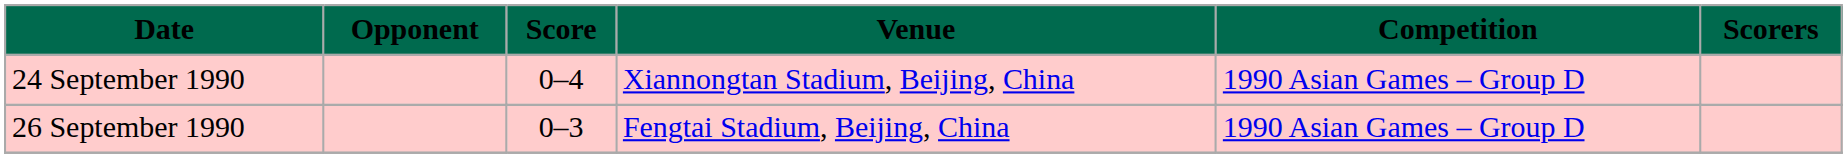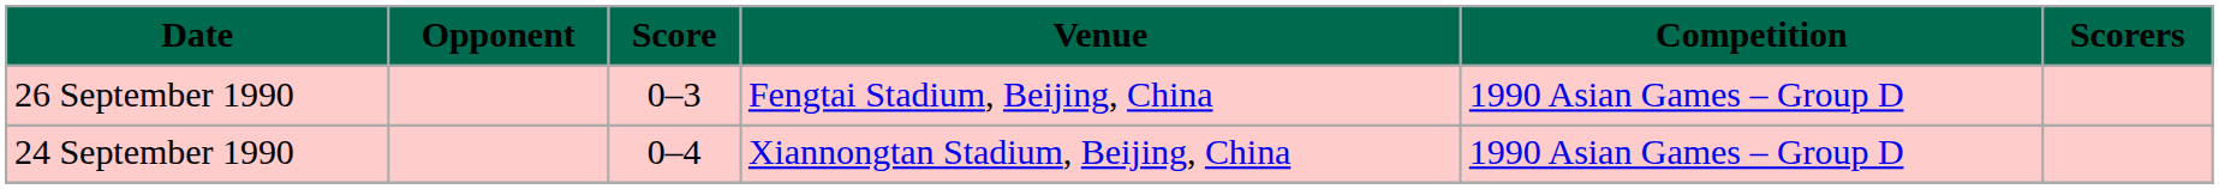 <table class="wikitable" width=100% style="text-align:left;font-size:90%;">
 <tr>
 <th style="background:#006a4e;"><span>Date</span></th>
 <th style="background:#006a4e;"><span>Opponent</span></th>
 <th style="background:#006a4e;"><span>Score</span></th>
 <th style="background:#006a4e;"><span>Venue</span></th>
 <th style="background:#006a4e;"><span>Competition</span></th>
 <th style="background:#006a4e;"><span>Scorers</span></th>
+</tr>
+<tr>
+</tr>
+<tr style="background:#fcc;">
+<td>26 September 1990</td>
+<td></td>
+<td style="text-align: center">0–3</td>
+<td> <a href='#'>Fengtai Stadium</a>, <a href='#'>Beijing</a>, <a href='#'>China</a></td>
+<td><a href='#'>1990 Asian Games – Group D</a></td>
+<td></td>
 </tr>
 <tr>
 </tr>
 <tr style="background:#fcc;">
 <td>24 September 1990</td>
 <td></td>
 <td style="text-align: center">0–4</td>
 <td> <a href='#'>Xiannongtan Stadium</a>, <a href='#'>Beijing</a>, <a href='#'>China</a></td>
 <td><a href='#'>1990 Asian Games – Group D</a></td>
 <td></td>
 </tr>
 <tr>
 </tr>
-<tr style="background:#fcc;">
-<td>26 September 1990</td>
-<td></td>
-<td style="text-align: center">0–3</td>
-<td> <a href='#'>Fengtai Stadium</a>, <a href='#'>Beijing</a>, <a href='#'>China</a></td>
-<td><a href='#'>1990 Asian Games – Group D</a></td>
-<td></td>
-</tr>
-<tr>
-</tr>
 </table>
